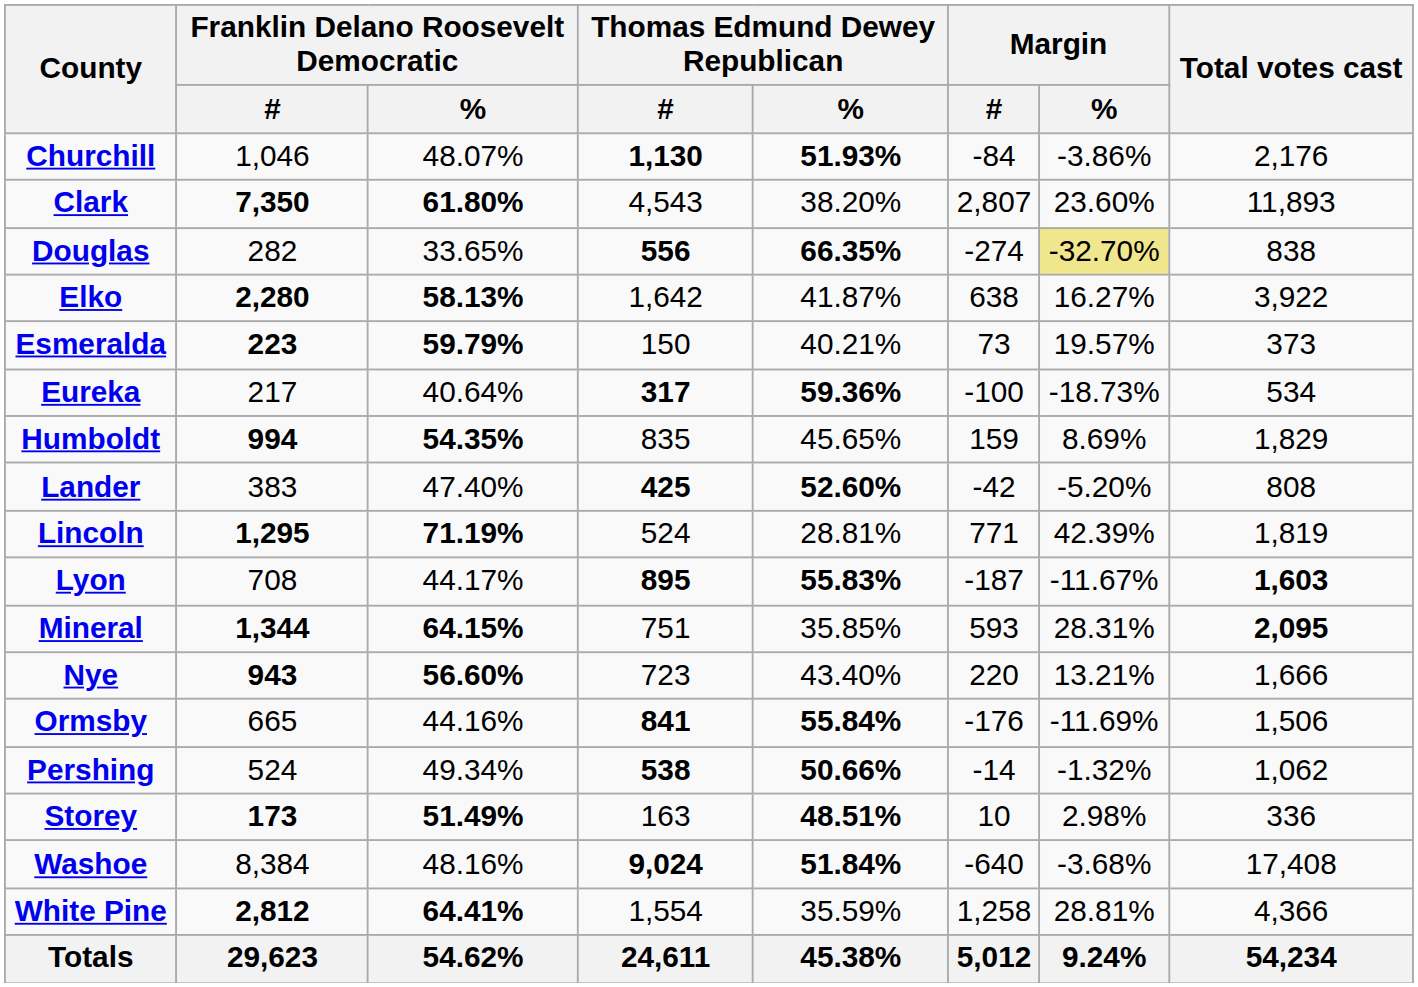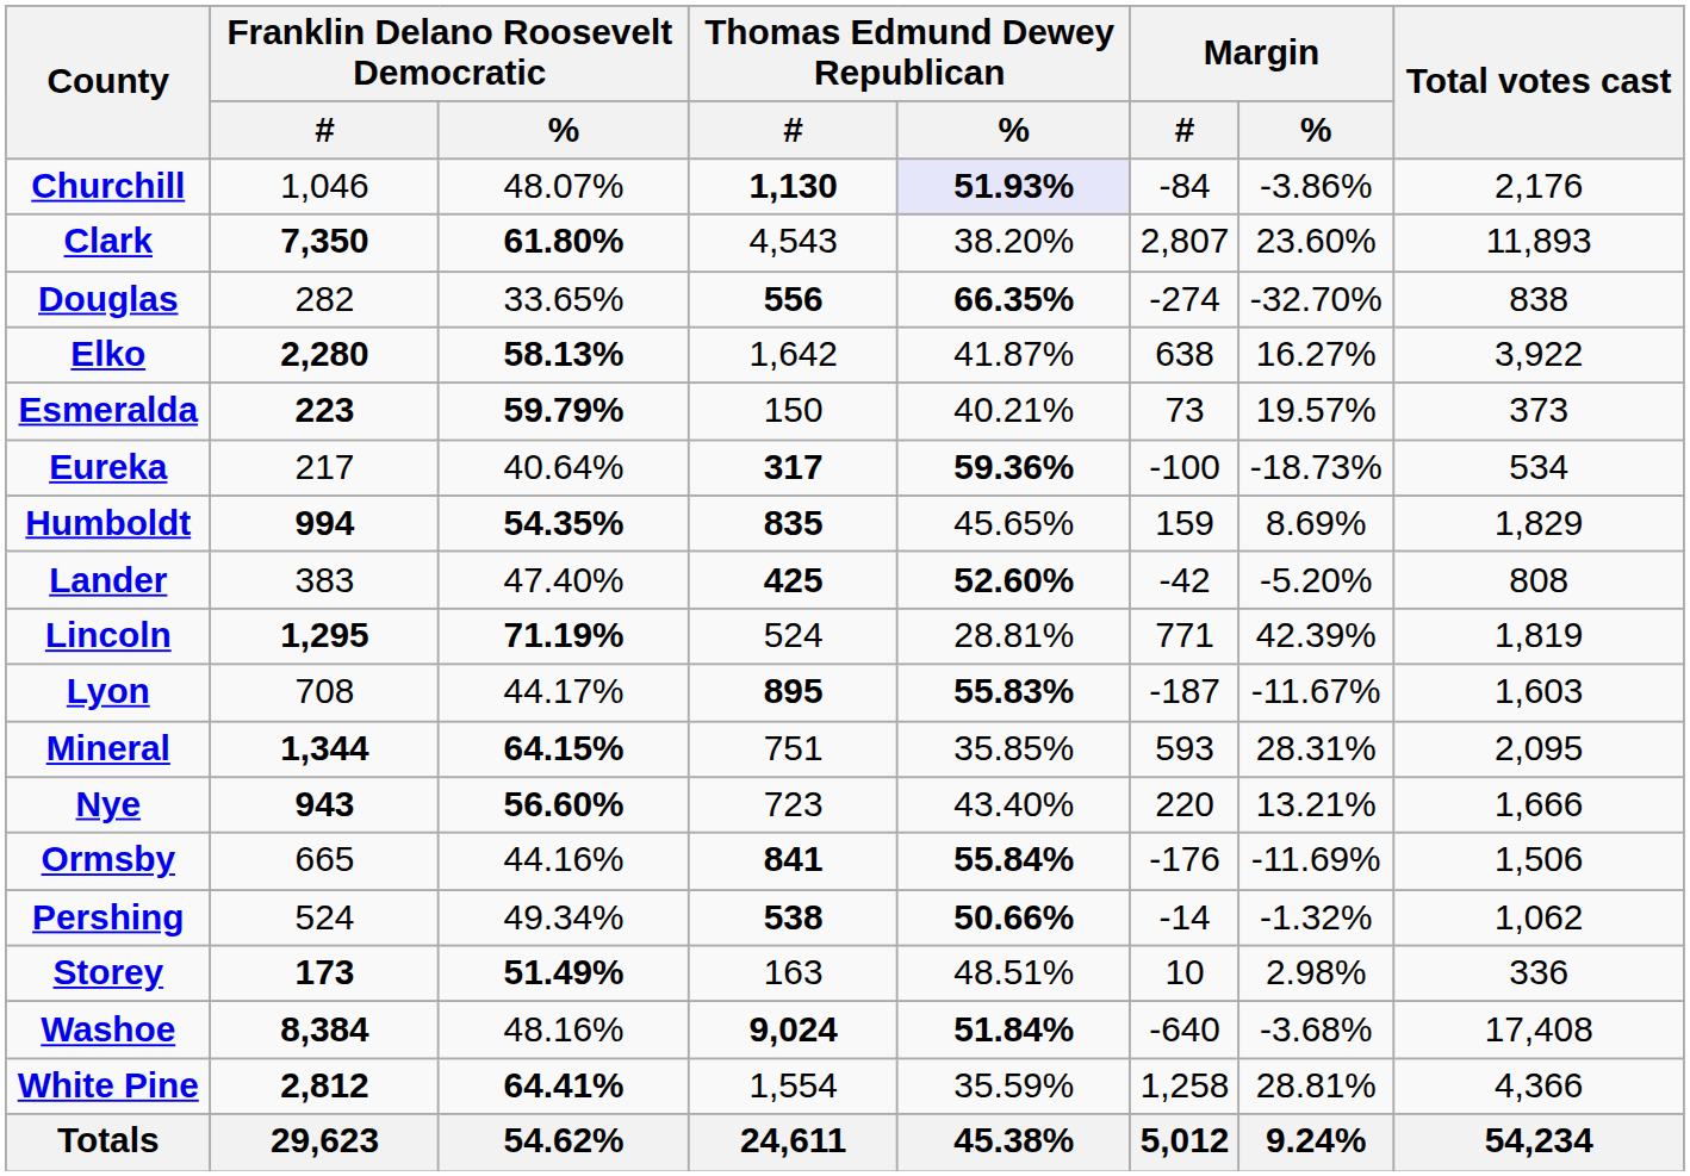 <table width="60%"  class="wikitable sortable" style="text-align:center">
 <tr>
 <th colspan="1" rowspan="2">County</th>
 <th colspan="2" style="text-align:center;">Franklin Delano Roosevelt<br>Democratic</th>
 <th colspan="2" style="text-align:center;">Thomas Edmund Dewey<br>Republican</th>
 <th style="text-align:center;" colspan="2">Margin</th>
 <th colspan="1" rowspan="2" style="text-align:center;">Total votes cast</th>
 </tr>
 <tr>
 <th style="text-align:center;" data-sort-type="number">#</th>
 <th style="text-align:center;" data-sort-type="number">%</th>
 <th style="text-align:center;" data-sort-type="number">#</th>
 <th style="text-align:center;" data-sort-type="number">%</th>
 <th style="text-align:center;" data-sort-type="number">#</th>
 <th style="text-align:center;" data-sort-type="number">%</th>
 </tr>
 <tr style="text-align:center;">
 <td><strong><a href='#'>Churchill</a></strong></td>
 <td>1,046</td>
 <td>48.07%</td>
 <td><strong>1,130</strong></td>
-<td><strong>51.93%</strong></td>
+<td style="background: lavender;"><strong>51.93%</strong></td>
 <td>-84</td>
 <td>-3.86%</td>
 <td>2,176</td>
 </tr>
 <tr style="text-align:center;">
 <td><strong><a href='#'>Clark</a></strong></td>
 <td><strong>7,350</strong></td>
 <td><strong>61.80%</strong></td>
 <td>4,543</td>
 <td>38.20%</td>
 <td>2,807</td>
 <td>23.60%</td>
 <td>11,893</td>
 </tr>
 <tr style="text-align:center;">
 <td><strong><a href='#'>Douglas</a></strong></td>
 <td>282</td>
 <td>33.65%</td>
 <td><strong>556</strong></td>
 <td><strong>66.35%</strong></td>
 <td>-274</td>
-<td style="background: khaki;">-32.70%</td>
+<td>-32.70%</td>
 <td>838</td>
 </tr>
 <tr style="text-align:center;">
 <td><strong><a href='#'>Elko</a></strong></td>
 <td><strong>2,280</strong></td>
 <td><strong>58.13%</strong></td>
 <td>1,642</td>
 <td>41.87%</td>
 <td>638</td>
 <td>16.27%</td>
 <td>3,922</td>
 </tr>
 <tr style="text-align:center;">
 <td><strong><a href='#'>Esmeralda</a></strong></td>
 <td><strong>223</strong></td>
 <td><strong>59.79%</strong></td>
 <td>150</td>
 <td>40.21%</td>
 <td>73</td>
 <td>19.57%</td>
 <td>373</td>
 </tr>
 <tr style="text-align:center;">
 <td><strong><a href='#'>Eureka</a></strong></td>
 <td>217</td>
 <td>40.64%</td>
 <td><strong>317</strong></td>
 <td><strong>59.36%</strong></td>
 <td>-100</td>
 <td>-18.73%</td>
 <td>534</td>
 </tr>
 <tr style="text-align:center;">
 <td><strong><a href='#'>Humboldt</a></strong></td>
 <td><strong>994</strong></td>
 <td><strong>54.35%</strong></td>
-<td>835</td>
+<td><strong>835</strong></td>
 <td>45.65%</td>
 <td>159</td>
 <td>8.69%</td>
 <td>1,829</td>
 </tr>
 <tr style="text-align:center;">
 <td><strong><a href='#'>Lander</a></strong></td>
 <td>383</td>
 <td>47.40%</td>
 <td><strong>425</strong></td>
 <td><strong>52.60%</strong></td>
 <td>-42</td>
 <td>-5.20%</td>
 <td>808</td>
 </tr>
 <tr style="text-align:center;">
 <td><strong><a href='#'>Lincoln</a></strong></td>
 <td><strong>1,295</strong></td>
 <td><strong>71.19%</strong></td>
 <td>524</td>
 <td>28.81%</td>
 <td>771</td>
 <td>42.39%</td>
 <td>1,819</td>
 </tr>
 <tr style="text-align:center;">
 <td><strong><a href='#'>Lyon</a></strong></td>
 <td>708</td>
 <td>44.17%</td>
 <td><strong>895</strong></td>
 <td><strong>55.83%</strong></td>
 <td>-187</td>
 <td>-11.67%</td>
-<td><strong>1,603</strong></td>
+<td>1,603</td>
 </tr>
 <tr style="text-align:center;">
 <td><strong><a href='#'>Mineral</a></strong></td>
 <td><strong>1,344</strong></td>
 <td><strong>64.15%</strong></td>
 <td>751</td>
 <td>35.85%</td>
 <td>593</td>
 <td>28.31%</td>
-<td><strong>2,095</strong></td>
+<td>2,095</td>
 </tr>
 <tr style="text-align:center;">
 <td><strong><a href='#'>Nye</a></strong></td>
 <td><strong>943</strong></td>
 <td><strong>56.60%</strong></td>
 <td>723</td>
 <td>43.40%</td>
 <td>220</td>
 <td>13.21%</td>
 <td>1,666</td>
 </tr>
 <tr style="text-align:center;">
 <td><strong><a href='#'>Ormsby</a></strong></td>
 <td>665</td>
 <td>44.16%</td>
 <td><strong>841</strong></td>
 <td><strong>55.84%</strong></td>
 <td>-176</td>
 <td>-11.69%</td>
 <td>1,506</td>
 </tr>
 <tr style="text-align:center;">
 <td><strong><a href='#'>Pershing</a></strong></td>
 <td>524</td>
 <td>49.34%</td>
 <td><strong>538</strong></td>
 <td><strong>50.66%</strong></td>
 <td>-14</td>
 <td>-1.32%</td>
 <td>1,062</td>
 </tr>
 <tr style="text-align:center;">
 <td><strong><a href='#'>Storey</a></strong></td>
 <td><strong>173</strong></td>
 <td><strong>51.49%</strong></td>
 <td>163</td>
-<td><strong>48.51%</strong></td>
+<td>48.51%</td>
 <td>10</td>
 <td>2.98%</td>
 <td>336</td>
 </tr>
 <tr style="text-align:center;">
 <td><strong><a href='#'>Washoe</a></strong></td>
-<td>8,384</td>
+<td><strong>8,384</strong></td>
 <td>48.16%</td>
 <td><strong>9,024</strong></td>
 <td><strong>51.84%</strong></td>
 <td>-640</td>
 <td>-3.68%</td>
 <td>17,408</td>
 </tr>
 <tr style="text-align:center;">
 <td><strong><a href='#'>White Pine</a></strong></td>
 <td><strong>2,812</strong></td>
 <td><strong>64.41%</strong></td>
 <td>1,554</td>
 <td>35.59%</td>
 <td>1,258</td>
 <td>28.81%</td>
 <td>4,366</td>
 </tr>
 <tr style="text-align:center;">
 <th>Totals</th>
 <th>29,623</th>
 <th>54.62%</th>
 <th>24,611</th>
 <th>45.38%</th>
 <th>5,012</th>
 <th>9.24%</th>
 <th>54,234</th>
 </tr>
 </table>
